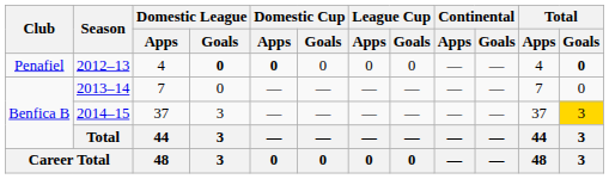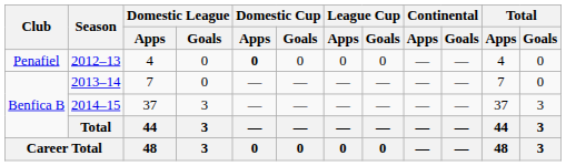 <table class="wikitable" style="text-align: center;">
 <tr>
 <th rowspan="2">Club</th>
 <th rowspan="2">Season</th>
 <th colspan="2">Domestic League</th>
 <th colspan="2">Domestic Cup</th>
 <th colspan="2">League Cup</th>
 <th colspan="2">Continental</th>
 <th colspan="2">Total</th>
 </tr>
 <tr>
 <th>Apps</th>
 <th>Goals</th>
 <th>Apps</th>
 <th>Goals</th>
 <th>Apps</th>
 <th>Goals</th>
 <th>Apps</th>
 <th>Goals</th>
 <th>Apps</th>
 <th>Goals</th>
 </tr>
 <tr>
 <td valign="center"><a href='#'>Penafiel</a></td>
 <td><a href='#'>2012–13</a></td>
 <td>4</td>
-<td><strong>0</strong></td>
+<td>0</td>
 <td><strong>0</strong></td>
 <td>0</td>
 <td>0</td>
 <td>0</td>
 <td>—</td>
 <td>—</td>
 <td>4</td>
-<td><strong>0</strong></td>
+<td>0</td>
 </tr>
 <tr>
 <td rowspan="3" valign="center"><a href='#'>Benfica B</a></td>
 <td><a href='#'>2013–14</a></td>
 <td>7</td>
 <td>0</td>
 <td>—</td>
 <td>—</td>
 <td>—</td>
 <td>—</td>
 <td>—</td>
 <td>—</td>
 <td>7</td>
 <td>0</td>
 </tr>
 <tr>
 <td><a href='#'>2014–15</a></td>
 <td>37</td>
 <td>3</td>
 <td>—</td>
 <td>—</td>
 <td>—</td>
 <td>—</td>
 <td>—</td>
 <td>—</td>
 <td>37</td>
-<td style="background: gold;">3</td>
+<td>3</td>
 </tr>
 <tr>
 <th>Total</th>
 <th>44</th>
 <th>3</th>
 <th>—</th>
 <th>—</th>
 <th>—</th>
 <th>—</th>
 <th>—</th>
 <th>—</th>
 <th>44</th>
 <th>3</th>
 </tr>
 <tr>
 <th colspan="2">Career Total</th>
 <th>48</th>
 <th>3</th>
 <th>0</th>
 <th>0</th>
 <th>0</th>
 <th>0</th>
 <th>—</th>
 <th>—</th>
 <th>48</th>
 <th>3</th>
 </tr>
 </table>
